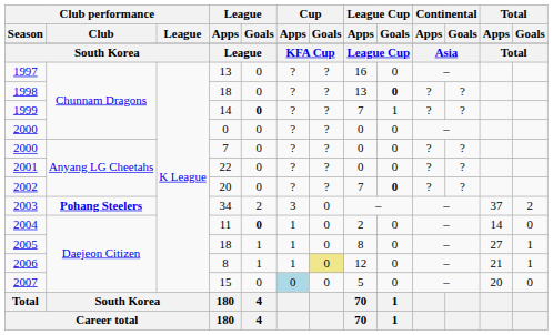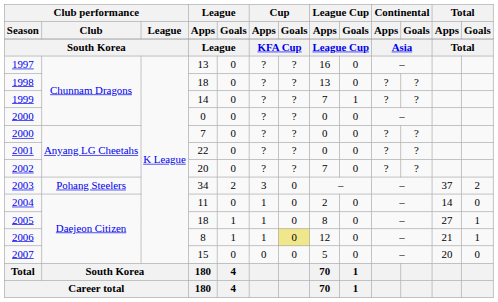 <table class="wikitable" style="text-align:center">
 <tr>
 <th colspan=3>Club performance</th>
 <th colspan=2>League</th>
 <th colspan=2>Cup</th>
 <th colspan=2>League Cup</th>
 <th colspan=2>Continental</th>
 <th colspan=2>Total</th>
 </tr>
 <tr>
 <th>Season</th>
 <th>Club</th>
 <th>League</th>
 <th>Apps</th>
 <th>Goals</th>
 <th>Apps</th>
 <th>Goals</th>
 <th>Apps</th>
 <th>Goals</th>
 <th>Apps</th>
 <th>Goals</th>
 <th>Apps</th>
 <th>Goals</th>
 </tr>
 <tr>
 </tr>
 <tr>
 <th colspan=3>South Korea</th>
 <th colspan=2>League</th>
 <th colspan=2><a href='#'>KFA Cup</a></th>
 <th colspan=2><a href='#'>League Cup</a></th>
 <th colspan=2><a href='#'>Asia</a></th>
 <th colspan=2>Total</th>
 </tr>
 <tr>
 <td><a href='#'>1997</a></td>
 <td rowspan="4"><a href='#'>Chunnam Dragons</a></td>
 <td rowspan="12"><a href='#'>K League</a></td>
 <td>13</td>
 <td>0</td>
 <td>?</td>
 <td>?</td>
 <td>16</td>
 <td>0</td>
 <td colspan="2">–</td>
 <td></td>
 <td></td>
 </tr>
 <tr>
 <td><a href='#'>1998</a></td>
 <td>18</td>
 <td>0</td>
 <td>?</td>
 <td>?</td>
 <td>13</td>
-<td><strong>0</strong></td>
+<td>0</td>
 <td>?</td>
 <td>?</td>
 <td></td>
 <td></td>
 </tr>
 <tr>
 <td><a href='#'>1999</a></td>
 <td>14</td>
-<td><strong>0</strong></td>
+<td>0</td>
 <td>?</td>
 <td>?</td>
 <td>7</td>
 <td>1</td>
 <td>?</td>
 <td>?</td>
 <td></td>
 <td></td>
 </tr>
 <tr>
 <td><a href='#'>2000</a></td>
 <td>0</td>
 <td>0</td>
 <td>?</td>
 <td>?</td>
 <td>0</td>
 <td>0</td>
 <td colspan="2">–</td>
 <td></td>
 <td></td>
 </tr>
 <tr>
 <td><a href='#'>2000</a></td>
 <td rowspan="3"><a href='#'>Anyang LG Cheetahs</a></td>
 <td>7</td>
 <td>0</td>
 <td>?</td>
 <td>?</td>
 <td>0</td>
 <td>0</td>
 <td>?</td>
 <td>?</td>
 <td></td>
 <td></td>
 </tr>
 <tr>
 <td><a href='#'>2001</a></td>
 <td>22</td>
 <td>0</td>
 <td>?</td>
 <td>?</td>
 <td>0</td>
 <td>0</td>
 <td>?</td>
 <td>?</td>
 <td></td>
 <td></td>
 </tr>
 <tr>
 <td><a href='#'>2002</a></td>
 <td>20</td>
 <td>0</td>
 <td>?</td>
 <td>?</td>
 <td>7</td>
-<td><strong>0</strong></td>
+<td>0</td>
 <td>?</td>
 <td>?</td>
 <td></td>
 <td></td>
 </tr>
 <tr>
 <td><a href='#'>2003</a></td>
-<td><strong><a href='#'>Pohang Steelers</a></strong></td>
+<td><a href='#'>Pohang Steelers</a></td>
 <td>34</td>
 <td>2</td>
 <td>3</td>
 <td>0</td>
 <td colspan="2">–</td>
 <td colspan="2">–</td>
 <td>37</td>
 <td>2</td>
 </tr>
 <tr>
 <td><a href='#'>2004</a></td>
 <td rowspan="4"><a href='#'>Daejeon Citizen</a></td>
 <td>11</td>
-<td><strong>0</strong></td>
+<td>0</td>
 <td>1</td>
 <td>0</td>
 <td>2</td>
 <td>0</td>
 <td colspan="2">–</td>
 <td>14</td>
 <td>0</td>
 </tr>
 <tr>
 <td><a href='#'>2005</a></td>
 <td>18</td>
 <td>1</td>
 <td>1</td>
 <td>0</td>
 <td>8</td>
 <td>0</td>
 <td colspan="2">–</td>
 <td>27</td>
 <td>1</td>
 </tr>
 <tr>
 <td><a href='#'>2006</a></td>
 <td>8</td>
 <td>1</td>
 <td>1</td>
 <td style="background: khaki;">0</td>
 <td>12</td>
 <td>0</td>
 <td colspan="2">–</td>
 <td>21</td>
 <td>1</td>
 </tr>
 <tr>
 <td><a href='#'>2007</a></td>
 <td>15</td>
 <td>0</td>
-<td style="background: lightblue;">0</td>
+<td>0</td>
 <td>0</td>
 <td>5</td>
 <td>0</td>
 <td colspan="2">–</td>
 <td>20</td>
 <td>0</td>
 </tr>
 <tr>
 <th rowspan=1>Total</th>
 <th colspan=2>South Korea</th>
 <th>180</th>
 <th>4</th>
 <th></th>
 <th></th>
 <th>70</th>
 <th>1</th>
 <th></th>
 <th></th>
 <th></th>
 <th></th>
 </tr>
 <tr>
 <th colspan=3>Career total</th>
 <th>180</th>
 <th>4</th>
 <th></th>
 <th></th>
 <th>70</th>
 <th>1</th>
 <th></th>
 <th></th>
 <th></th>
 <th></th>
 </tr>
 </table>
